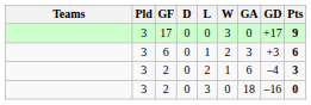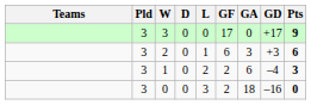 <table class="wikitable" style="text-align: center;">
 <tr>
 <th width=165>Teams</th>
 <th width=20>Pld</th>
-<th width=20>GF</th>
+<th width=20>W</th>
 <th width=20>D</th>
 <th width=20>L</th>
-<th width=20>W</th>
+<th width=20>GF</th>
 <th width=20>GA</th>
 <th width=20>GD</th>
 <th width=20>Pts</th>
 </tr>
 <tr align=center style="background:#ccffcc;">
 <td style="text-align:left;"></td>
 <td>3</td>
-<td>17</td>
+<td>3</td>
 <td>0</td>
 <td>0</td>
-<td>3</td>
+<td>17</td>
 <td>0</td>
 <td>+17</td>
 <td><strong>9</strong></td>
 </tr>
 <tr align=center>
 <td style="text-align:left;"></td>
 <td>3</td>
-<td>6</td>
+<td>2</td>
 <td>0</td>
 <td>1</td>
-<td>2</td>
+<td>6</td>
 <td>3</td>
 <td>+3</td>
 <td><strong>6</strong></td>
 </tr>
 <tr align=center>
 <td style="text-align:left;"></td>
 <td>3</td>
-<td>2</td>
+<td>1</td>
 <td>0</td>
 <td>2</td>
-<td>1</td>
+<td>2</td>
 <td>6</td>
 <td>–4</td>
 <td><strong>3</strong></td>
 </tr>
 <tr align=center>
 <td style="text-align:left;"></td>
 <td>3</td>
-<td>2</td>
+<td>0</td>
 <td>0</td>
 <td>3</td>
-<td>0</td>
+<td>2</td>
 <td>18</td>
 <td>–16</td>
 <td><strong>0</strong></td>
 </tr>
 </table>
